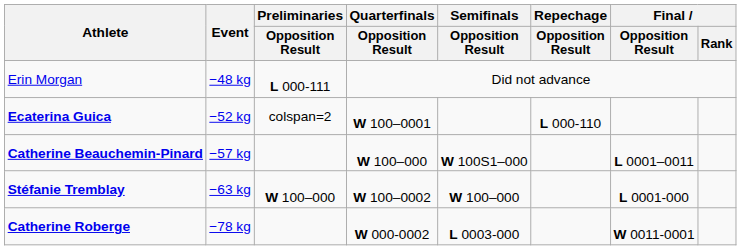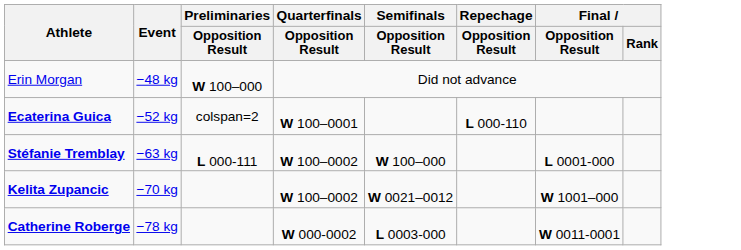 <table class="wikitable" style="font-size:90%">
 <tr>
 <th rowspan=2>Athlete</th>
 <th rowspan=2>Event</th>
 <th>Preliminaries</th>
 <th>Quarterfinals</th>
 <th>Semifinals</th>
 <th>Repechage</th>
 <th colspan=2>Final / </th>
 </tr>
 <tr style="font-size:95%">
 <th>Opposition<br>Result</th>
 <th>Opposition<br>Result</th>
 <th>Opposition<br>Result</th>
 <th>Opposition<br>Result</th>
 <th>Opposition<br>Result</th>
 <th>Rank</th>
 </tr>
 <tr align=center>
 <td align=left><a href='#'>Erin Morgan</a></td>
 <td align=left><a href='#'>−48 kg</a></td>
-<td><br><strong>L</strong> 000-111</td>
+<td><br><strong>W</strong> 100–000</td>
 <td colspan=5>Did not advance</td>
 </tr>
 <tr align=center>
 <td align=left><strong><a href='#'>Ecaterina Guica</a></strong></td>
 <td align=left><a href='#'>−52 kg</a></td>
 <td>colspan=2 </td>
 <td><br><strong>W</strong> 100–0001</td>
 <td></td>
 <td><br><strong>L</strong> 000-110</td>
 <td></td>
 </tr>
 <tr align=center>
-<td align=left><strong><a href='#'>Catherine Beauchemin-Pinard</a></strong></td>
-<td align=left><a href='#'>−57 kg</a></td>
-<td></td>
-<td><br><strong>W</strong> 100–000</td>
-<td><br><strong>W</strong> 100S1–000</td>
-<td></td>
-<td><br><strong>L</strong> 0001–0011</td>
-<td></td>
-</tr>
-<tr align=center>
 <td align=left><strong><a href='#'>Stéfanie Tremblay</a></strong></td>
 <td align=left><a href='#'>−63 kg</a></td>
-<td><br><strong>W</strong> 100–000</td>
+<td><br><strong>L</strong> 000-111</td>
 <td><br><strong>W</strong> 100–0002</td>
 <td><br><strong>W</strong> 100–000</td>
 <td></td>
 <td><br><strong>L</strong> 0001-000</td>
+<td></td>
+</tr>
+<tr align=center>
+<td align=left><strong><a href='#'>Kelita Zupancic</a></strong></td>
+<td align=left><a href='#'>−70 kg</a></td>
+<td></td>
+<td><br><strong>W</strong> 100–0002</td>
+<td><br><strong>W</strong> 0021–0012</td>
+<td></td>
+<td><br><strong>W</strong> 1001–000</td>
 <td></td>
 </tr>
 <tr align=center>
 <td align=left><strong><a href='#'>Catherine Roberge</a></strong></td>
 <td align=left><a href='#'>−78 kg</a></td>
 <td></td>
 <td><br><strong>W</strong> 000-0002</td>
 <td><br><strong>L</strong> 0003-000</td>
 <td></td>
 <td><br><strong>W</strong> 0011-0001</td>
 <td></td>
 </tr>
 </table>
